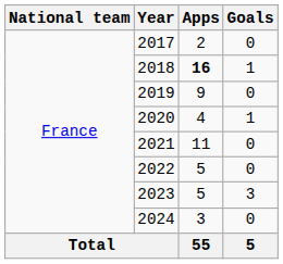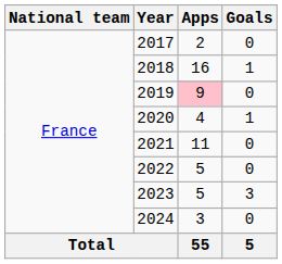 <table class="wikitable" style="text-align: center;">
 <tr>
 <th>National team</th>
 <th>Year</th>
 <th>Apps</th>
 <th>Goals</th>
 </tr>
 <tr>
 <td rowspan="8"><a href='#'>France</a></td>
 <td>2017</td>
 <td>2</td>
 <td>0</td>
 </tr>
 <tr>
 <td>2018</td>
-<td><strong>16</strong></td>
+<td>16</td>
 <td>1</td>
 </tr>
 <tr>
 <td>2019</td>
-<td>9</td>
+<td style="background: pink;">9</td>
 <td>0</td>
 </tr>
 <tr>
 <td>2020</td>
 <td>4</td>
 <td>1</td>
 </tr>
 <tr>
 <td>2021</td>
 <td>11</td>
 <td>0</td>
 </tr>
 <tr>
 <td>2022</td>
 <td>5</td>
 <td>0</td>
 </tr>
 <tr>
 <td>2023</td>
 <td>5</td>
 <td>3</td>
 </tr>
 <tr>
 <td>2024</td>
 <td>3</td>
 <td>0</td>
 </tr>
 <tr>
 <th colspan="2">Total</th>
 <th>55</th>
 <th>5</th>
 </tr>
 </table>
